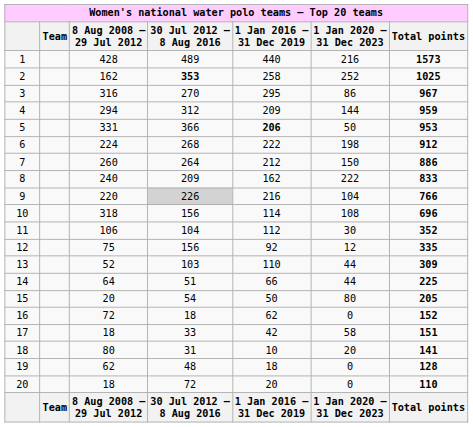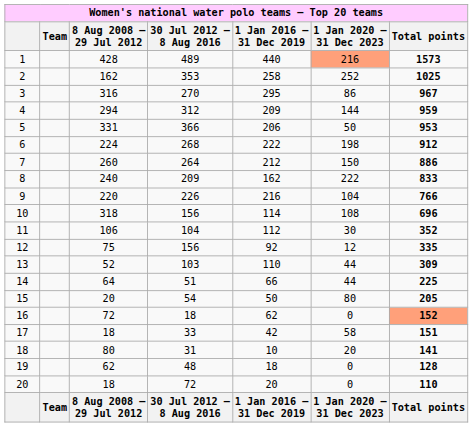 <table class="wikitable" style="text-align: center; font-size: 90%; margin-left: 1em;">
 <tr>
 <th colspan="7" style="background-color: #ffccff;">Women's national water polo teams – Top 20 teams</th>
 </tr>
 <tr>
 <th style="width: 3em;"></th>
 <th>Team</th>
 <th>8 Aug 2008 –<br>29 Jul 2012</th>
 <th>30 Jul 2012 –<br>8 Aug 2016</th>
 <th>1 Jan 2016 –<br>31 Dec 2019</th>
 <th>1 Jan 2020 –<br>31 Dec 2023</th>
 <th>Total points</th>
 </tr>
 <tr>
 <td>1</td>
 <td style="text-align: left;"></td>
 <td>428</td>
 <td>489</td>
 <td>440</td>
-<td>216</td>
+<td style="background: lightsalmon;">216</td>
 <td><strong>1573</strong></td>
 </tr>
 <tr>
 <td>2</td>
 <td style="text-align: left;"></td>
 <td>162</td>
-<td><strong>353</strong></td>
+<td>353</td>
 <td>258</td>
 <td>252</td>
 <td><strong>1025</strong></td>
 </tr>
 <tr>
 <td>3</td>
 <td style="text-align: left;"></td>
 <td>316</td>
 <td>270</td>
 <td>295</td>
 <td>86</td>
 <td><strong>967</strong></td>
 </tr>
 <tr>
 <td>4</td>
 <td style="text-align: left;"></td>
 <td>294</td>
 <td>312</td>
 <td>209</td>
 <td>144</td>
 <td><strong>959</strong></td>
 </tr>
 <tr>
 <td>5</td>
 <td style="text-align: left;"></td>
 <td>331</td>
 <td>366</td>
-<td><strong>206</strong></td>
+<td>206</td>
 <td>50</td>
 <td><strong>953</strong></td>
 </tr>
 <tr>
 <td>6</td>
 <td style="text-align: left;"></td>
 <td>224</td>
 <td>268</td>
 <td>222</td>
 <td>198</td>
 <td><strong>912</strong></td>
 </tr>
 <tr>
 <td>7</td>
 <td style="text-align: left;"></td>
 <td>260</td>
 <td>264</td>
 <td>212</td>
 <td>150</td>
 <td><strong>886</strong></td>
 </tr>
 <tr>
 <td>8</td>
 <td style="text-align: left;"></td>
 <td>240</td>
 <td>209</td>
 <td>162</td>
 <td>222</td>
 <td><strong>833</strong></td>
 </tr>
 <tr>
 <td>9</td>
 <td style="text-align: left;"></td>
 <td>220</td>
-<td style="background: lightgrey;">226</td>
+<td>226</td>
 <td>216</td>
 <td>104</td>
 <td><strong>766</strong></td>
 </tr>
 <tr>
 <td>10</td>
 <td style="text-align: left;"></td>
 <td>318</td>
 <td>156</td>
 <td>114</td>
 <td>108</td>
 <td><strong>696</strong></td>
 </tr>
 <tr>
 <td>11</td>
 <td style="text-align: left;"></td>
 <td>106</td>
 <td>104</td>
 <td>112</td>
 <td>30</td>
 <td><strong>352</strong></td>
 </tr>
 <tr>
 <td>12</td>
 <td style="text-align: left;"></td>
 <td>75</td>
 <td>156</td>
 <td>92</td>
 <td>12</td>
 <td><strong>335</strong></td>
 </tr>
 <tr>
 <td>13</td>
 <td style="text-align: left;"></td>
 <td>52</td>
 <td>103</td>
 <td>110</td>
 <td>44</td>
 <td><strong>309</strong></td>
 </tr>
 <tr>
 <td>14</td>
 <td style="text-align: left;"></td>
 <td>64</td>
 <td>51</td>
 <td>66</td>
 <td>44</td>
 <td><strong>225</strong></td>
 </tr>
 <tr>
 <td>15</td>
 <td style="text-align: left;"></td>
 <td>20</td>
 <td>54</td>
 <td>50</td>
 <td>80</td>
 <td><strong>205</strong></td>
 </tr>
 <tr>
 <td>16</td>
 <td style="text-align: left;"></td>
 <td>72</td>
 <td>18</td>
 <td>62</td>
 <td>0</td>
-<td><strong>152</strong></td>
+<td style="background: lightsalmon;"><strong>152</strong></td>
 </tr>
 <tr>
 <td>17</td>
 <td style="text-align: left;"></td>
 <td>18</td>
 <td>33</td>
 <td>42</td>
 <td>58</td>
 <td><strong>151</strong></td>
 </tr>
 <tr>
 <td>18</td>
 <td style="text-align: left;"></td>
 <td>80</td>
 <td>31</td>
 <td>10</td>
 <td>20</td>
 <td><strong>141</strong></td>
 </tr>
 <tr>
 <td>19</td>
 <td style="text-align: left;"></td>
 <td>62</td>
 <td>48</td>
 <td>18</td>
 <td>0</td>
 <td><strong>128</strong></td>
 </tr>
 <tr>
 <td>20</td>
 <td style="text-align: left;"></td>
 <td>18</td>
 <td>72</td>
 <td>20</td>
 <td>0</td>
 <td><strong>110</strong></td>
 </tr>
 <tr>
 <th style="width: 3em;"></th>
 <th>Team</th>
 <th>8 Aug 2008 –<br>29 Jul 2012</th>
 <th>30 Jul 2012 –<br>8 Aug 2016</th>
 <th>1 Jan 2016 –<br>31 Dec 2019</th>
 <th>1 Jan 2020 –<br>31 Dec 2023</th>
 <th>Total points</th>
 </tr>
 </table>
